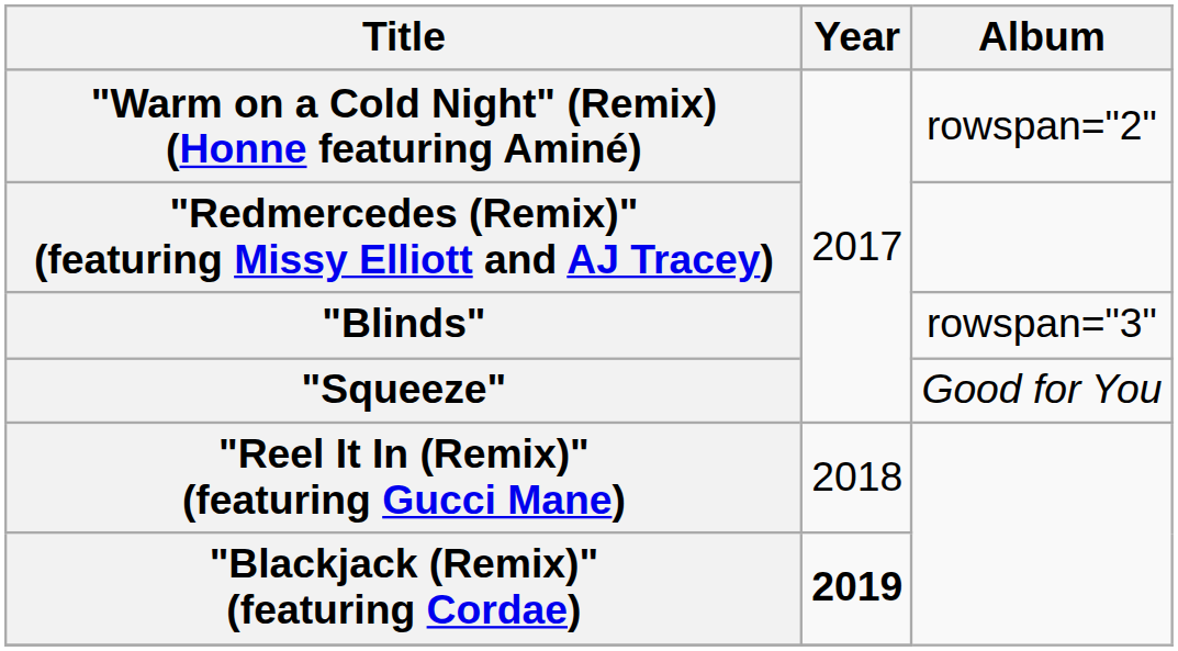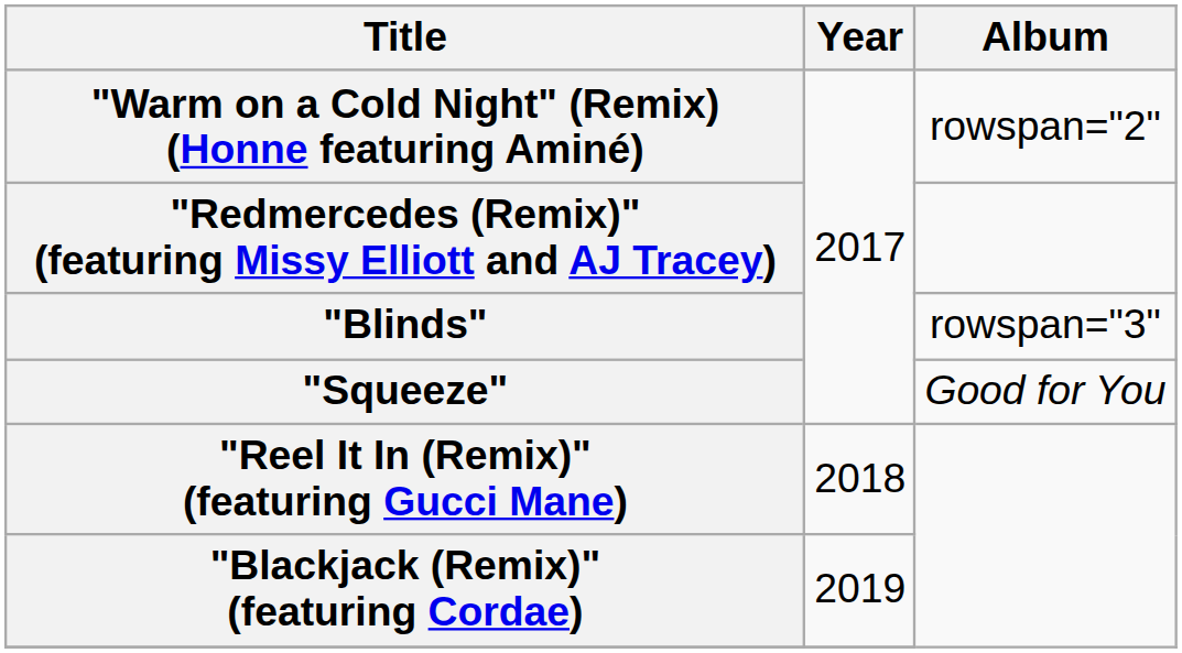 <table class="wikitable plainrowheaders" style="text-align:center;">
 <tr>
 <th scope="col" style="width:19em;">Title</th>
 <th scope="col">Year</th>
 <th scope="col">Album</th>
 </tr>
 <tr>
 <th scope="row">"Warm on a Cold Night" (Remix)<br><span>(<a href='#'>Honne</a> featuring Aminé)</span></th>
 <td rowspan="4">2017</td>
 <td>rowspan="2" </td>
 </tr>
 <tr>
 <th scope="row">"Redmercedes (Remix)"<br><span>(featuring <a href='#'>Missy Elliott</a> and <a href='#'>AJ Tracey</a>)</span></th>
 </tr>
 <tr>
 <th scope="row">"Blinds"</th>
 <td>rowspan="3" </td>
 </tr>
 <tr>
 <th scope="row">"Squeeze"</th>
 <td><em>Good for You</em></td>
 </tr>
 <tr>
 <th scope="row">"Reel It In (Remix)"<br><span>(featuring <a href='#'>Gucci Mane</a>)</span></th>
 <td>2018</td>
 </tr>
 <tr>
 <th scope="row">"Blackjack (Remix)"<br><span>(featuring <a href='#'>Cordae</a>)</span></th>
-<td><strong>2019</strong></td>
+<td>2019</td>
 </tr>
 <tr>
 </tr>
 </table>
